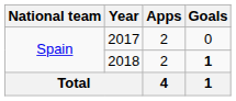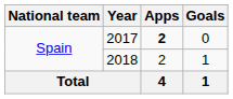 <table class="wikitable" style="text-align:center">
 <tr>
 <th>National team</th>
 <th>Year</th>
 <th>Apps</th>
 <th>Goals</th>
 </tr>
 <tr>
 <td rowspan=2><a href='#'>Spain</a></td>
 <td>2017</td>
-<td>2</td>
+<td><strong>2</strong></td>
 <td>0</td>
 </tr>
 <tr>
 <td>2018</td>
 <td>2</td>
-<td><strong>1</strong></td>
+<td>1</td>
 </tr>
 <tr>
 <th colspan=2>Total</th>
 <th>4</th>
 <th>1</th>
 </tr>
 </table>
